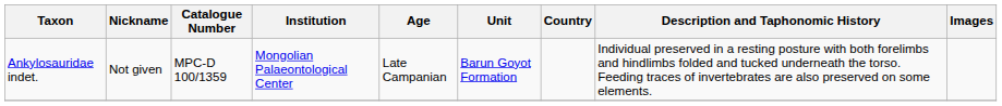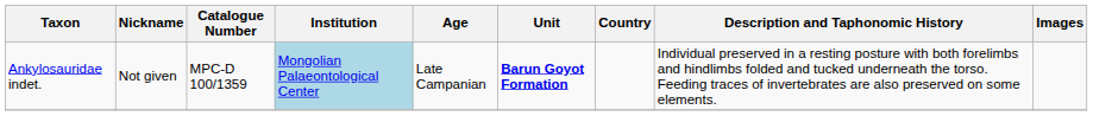 <table class="wikitable sortable" align="center" width="100%">
 <tr>
 <th>Taxon</th>
 <th>Nickname</th>
 <th>Catalogue Number</th>
 <th>Institution</th>
 <th>Age</th>
 <th>Unit</th>
 <th>Country</th>
 <th>Description and Taphonomic History</th>
 <th>Images</th>
 </tr>
 <tr>
 <td><a href='#'>Ankylosauridae</a> indet.</td>
 <td>Not given</td>
 <td>MPC-D 100/1359</td>
-<td><a href='#'>Mongolian Palaeontological Center</a></td>
+<td style="background: lightblue;"><a href='#'>Mongolian Palaeontological Center</a></td>
 <td>Late Campanian</td>
-<td><a href='#'>Barun Goyot Formation</a></td>
+<td><strong><a href='#'>Barun Goyot Formation</a></strong></td>
 <td></td>
 <td>Individual preserved in a resting posture with both forelimbs and hindlimbs folded and tucked underneath the torso. Feeding traces of invertebrates are also preserved on some elements.</td>
 <td></td>
 </tr>
 <tr>
 </tr>
 </table>
